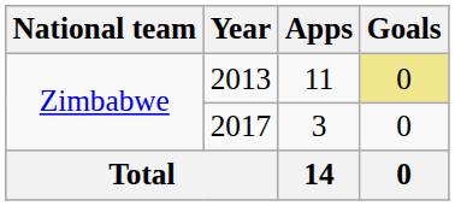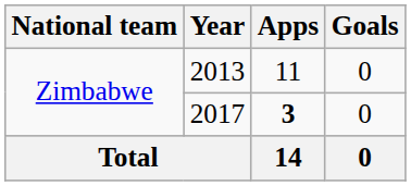 <table class="wikitable" style="text-align:center">
 <tr>
 <th>National team</th>
 <th>Year</th>
 <th>Apps</th>
 <th>Goals</th>
 </tr>
 <tr>
 <td rowspan="2"><a href='#'>Zimbabwe</a></td>
 <td>2013</td>
 <td>11</td>
-<td style="background: khaki;">0</td>
+<td>0</td>
 </tr>
 <tr>
 <td>2017</td>
-<td>3</td>
+<td><strong>3</strong></td>
 <td>0</td>
 </tr>
 <tr>
 <th colspan=2>Total</th>
 <th>14</th>
 <th>0</th>
 </tr>
 </table>
